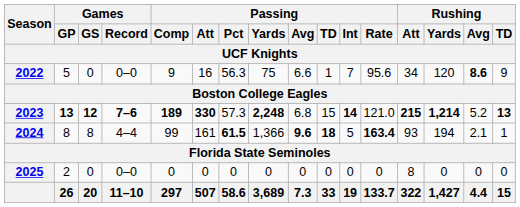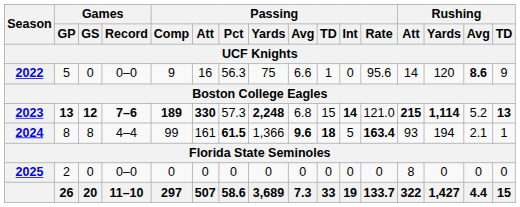 <table class="wikitable" style="text-align:center;">
 <tr>
 <th rowspan="2">Season</th>
 <th colspan="3">Games</th>
 <th colspan="8">Passing</th>
 <th colspan="4">Rushing</th>
 </tr>
 <tr>
 <th>GP</th>
 <th>GS</th>
 <th>Record</th>
 <th>Comp</th>
 <th>Att</th>
 <th>Pct</th>
 <th>Yards</th>
 <th>Avg</th>
 <th>TD</th>
 <th>Int</th>
 <th>Rate</th>
 <th>Att</th>
 <th>Yards</th>
 <th>Avg</th>
 <th>TD</th>
 </tr>
 <tr>
 <th colspan="16">UCF Knights</th>
 </tr>
 <tr>
 <th><a href='#'>2022</a></th>
 <td>5</td>
 <td>0</td>
 <td>0–0</td>
 <td>9</td>
 <td>16</td>
 <td>56.3</td>
 <td>75</td>
 <td>6.6</td>
 <td>1</td>
-<td>7</td>
+<td>0</td>
 <td>95.6</td>
-<td>34</td>
+<td>14</td>
 <td>120</td>
 <td><strong>8.6</strong></td>
 <td>9</td>
 </tr>
 <tr>
 <th colspan="16">Boston College Eagles</th>
 </tr>
 <tr>
 <th><a href='#'>2023</a></th>
 <td><strong>13</strong></td>
 <td><strong>12</strong></td>
 <td><strong>7–6</strong></td>
 <td><strong>189</strong></td>
 <td><strong>330</strong></td>
 <td>57.3</td>
 <td><strong>2,248</strong></td>
 <td>6.8</td>
 <td>15</td>
 <td><strong>14</strong></td>
 <td>121.0</td>
 <td><strong>215</strong></td>
-<td><strong>1,214</strong></td>
+<td><strong>1,114</strong></td>
 <td>5.2</td>
 <td><strong>13</strong></td>
 </tr>
 <tr>
 <th><a href='#'>2024</a></th>
 <td>8</td>
 <td>8</td>
 <td>4–4</td>
 <td>99</td>
 <td>161</td>
 <td><strong>61.5</strong></td>
 <td>1,366</td>
 <td><strong>9.6</strong></td>
 <td><strong>18</strong></td>
 <td>5</td>
 <td><strong>163.4</strong></td>
 <td>93</td>
 <td>194</td>
 <td>2.1</td>
 <td>1</td>
 </tr>
 <tr>
 <th colspan="16">Florida State Seminoles</th>
 </tr>
 <tr>
 <th><a href='#'>2025</a></th>
 <td>2</td>
 <td>0</td>
 <td>0–0</td>
 <td>0</td>
 <td>0</td>
 <td>0</td>
 <td>0</td>
 <td>0</td>
 <td>0</td>
 <td>0</td>
 <td>0</td>
 <td>8</td>
 <td>0</td>
 <td>0</td>
 <td>0</td>
 </tr>
 <tr>
 <th></th>
 <th>26</th>
 <th>20</th>
 <th>11–10</th>
 <th>297</th>
 <th>507</th>
 <th>58.6</th>
 <th>3,689</th>
 <th>7.3</th>
 <th>33</th>
 <th>19</th>
 <th>133.7</th>
 <th>322</th>
 <th>1,427</th>
 <th>4.4</th>
 <th>15</th>
 </tr>
 </table>
